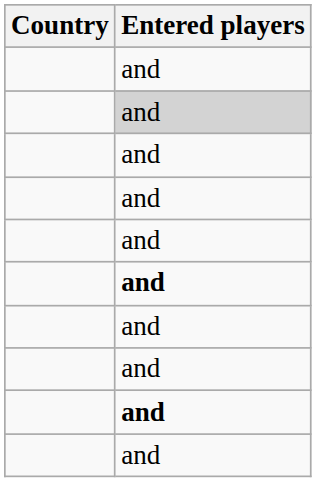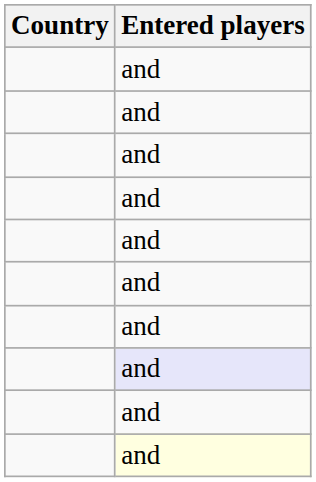 <table class="wikitable" style="text-align:left%">
 <tr>
 <th>Country</th>
 <th>Entered players</th>
-</tr>
-<tr>
-<td></td>
-<td> and </td>
-</tr>
-<tr>
-<td></td>
-<td style="background: lightgrey;"> and </td>
 </tr>
 <tr>
 <td></td>
 <td> and </td>
 </tr>
 <tr>
 <td></td>
 <td> and </td>
 </tr>
 <tr>
 <td></td>
 <td> and </td>
 </tr>
 <tr>
 <td></td>
-<td><strong> and </strong></td>
+<td> and </td>
 </tr>
 <tr>
 <td></td>
 <td> and </td>
 </tr>
 <tr>
 <td></td>
 <td> and </td>
 </tr>
 <tr>
 <td></td>
-<td><strong> and </strong></td>
+<td> and </td>
+</tr>
+<tr>
+<td></td>
+<td style="background: lavender;"> and </td>
 </tr>
 <tr>
 <td></td>
 <td> and </td>
 </tr>
+<tr>
+<td></td>
+<td style="background: lightyellow;"> and </td>
+</tr>
 </table>
